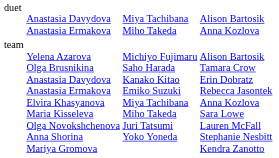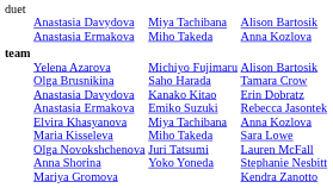 <table>
 <tr valign="top">
 <td>duet<br></td>
 <td><br><a href='#'>Anastasia Davydova</a><br><a href='#'>Anastasia Ermakova</a></td>
 <td><br><a href='#'>Miya Tachibana</a><br><a href='#'>Miho Takeda</a></td>
 <td><br><a href='#'>Alison Bartosik</a><br><a href='#'>Anna Kozlova</a></td>
 </tr>
 <tr valign="top">
-<td>team<br></td>
+<td><strong>team<br></strong></td>
 <td><br><a href='#'>Yelena Azarova</a><br><a href='#'>Olga Brusnikina</a><br><a href='#'>Anastasia Davydova</a><br><a href='#'>Anastasia Ermakova</a><br><a href='#'>Elvira Khasyanova</a><br><a href='#'>Maria Kisseleva</a><br><a href='#'>Olga Novokshchenova</a><br><a href='#'>Anna Shorina</a><br><a href='#'>Mariya Gromova</a></td>
 <td><br><a href='#'>Michiyo Fujimaru</a><br><a href='#'>Saho Harada</a><br><a href='#'>Kanako Kitao</a><br><a href='#'>Emiko Suzuki</a><br><a href='#'>Miya Tachibana</a><br><a href='#'>Miho Takeda</a><br><a href='#'>Juri Tatsumi</a><br><a href='#'>Yoko Yoneda</a></td>
 <td><br><a href='#'>Alison Bartosik</a><br><a href='#'>Tamara Crow</a><br><a href='#'>Erin Dobratz</a><br><a href='#'>Rebecca Jasontek</a><br><a href='#'>Anna Kozlova</a><br><a href='#'>Sara Lowe</a><br><a href='#'>Lauren McFall</a><br><a href='#'>Stephanie Nesbitt</a><br><a href='#'>Kendra Zanotto</a></td>
 </tr>
 </table>
